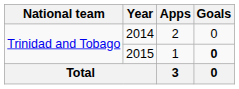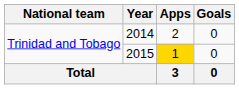 <table class="wikitable" style="text-align: center">
 <tr>
 <th>National team</th>
 <th>Year</th>
 <th>Apps</th>
 <th>Goals</th>
 </tr>
 <tr>
 <td rowspan="2"><a href='#'>Trinidad and Tobago</a></td>
 <td>2014</td>
 <td>2</td>
 <td>0</td>
 </tr>
 <tr>
 <td>2015</td>
-<td>1</td>
-<td><strong>0</strong></td>
+<td style="background: gold;">1</td>
+<td>0</td>
 </tr>
 <tr>
 <th colspan=2>Total</th>
 <th>3</th>
 <th>0</th>
 </tr>
 </table>
